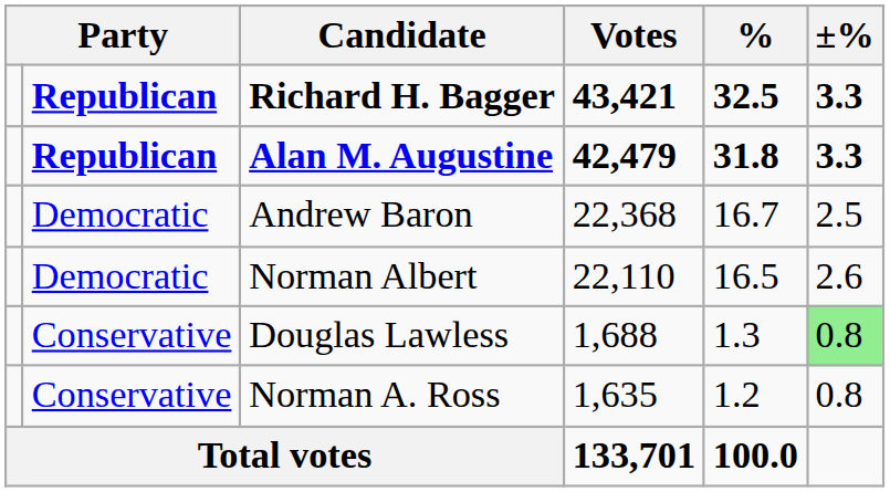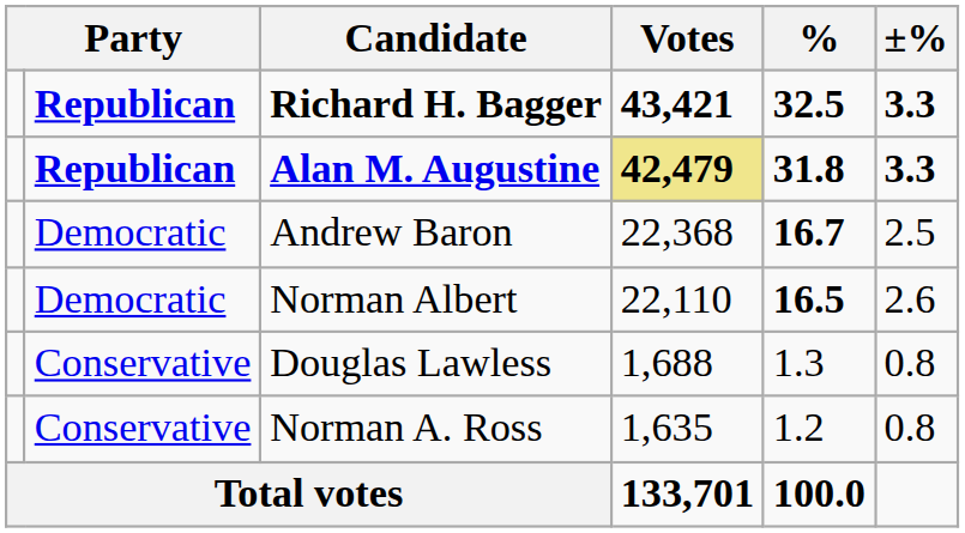 <table class="wikitable">
 <tr>
 <th colspan="2">Party</th>
 <th>Candidate</th>
 <th>Votes</th>
 <th>%</th>
 <th>±%</th>
 </tr>
 <tr>
 <td></td>
 <td><strong><a href='#'>Republican</a></strong></td>
 <td><strong>Richard H. Bagger</strong></td>
 <td><strong>43,421</strong></td>
 <td><strong>32.5</strong></td>
 <td><strong>3.3</strong></td>
 </tr>
 <tr>
 <td></td>
 <td><strong><a href='#'>Republican</a></strong></td>
 <td><strong><a href='#'>Alan M. Augustine</a></strong></td>
-<td><strong>42,479</strong></td>
+<td style="background: khaki;"><strong>42,479</strong></td>
 <td><strong>31.8</strong></td>
 <td><strong>3.3</strong></td>
 </tr>
 <tr>
 <td></td>
 <td><a href='#'>Democratic</a></td>
 <td>Andrew Baron</td>
 <td>22,368</td>
-<td>16.7</td>
+<td><strong>16.7</strong></td>
 <td>2.5</td>
 </tr>
 <tr>
 <td></td>
 <td><a href='#'>Democratic</a></td>
 <td>Norman Albert</td>
 <td>22,110</td>
-<td>16.5</td>
+<td><strong>16.5</strong></td>
 <td>2.6</td>
 </tr>
 <tr>
 <td></td>
 <td><a href='#'>Conservative</a></td>
 <td>Douglas Lawless</td>
 <td>1,688</td>
 <td>1.3</td>
-<td style="background: lightgreen;">0.8</td>
+<td>0.8</td>
 </tr>
 <tr>
 <td></td>
 <td><a href='#'>Conservative</a></td>
 <td>Norman A. Ross</td>
 <td>1,635</td>
 <td>1.2</td>
 <td>0.8</td>
 </tr>
 <tr>
 <th colspan="3">Total votes</th>
 <td><strong>133,701</strong></td>
 <td><strong>100.0</strong></td>
 <td></td>
 </tr>
 </table>
